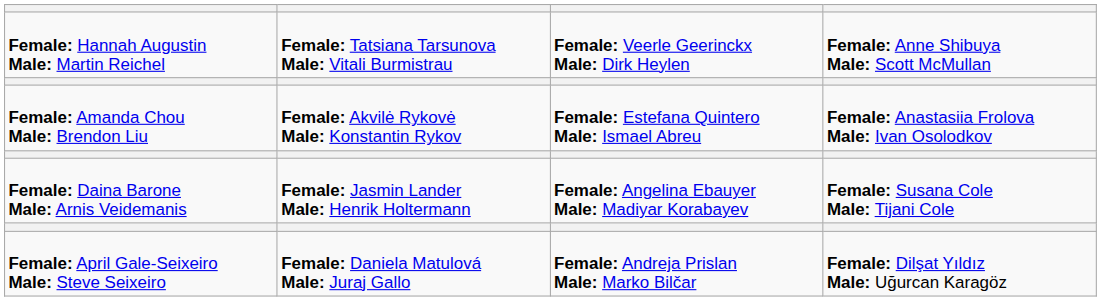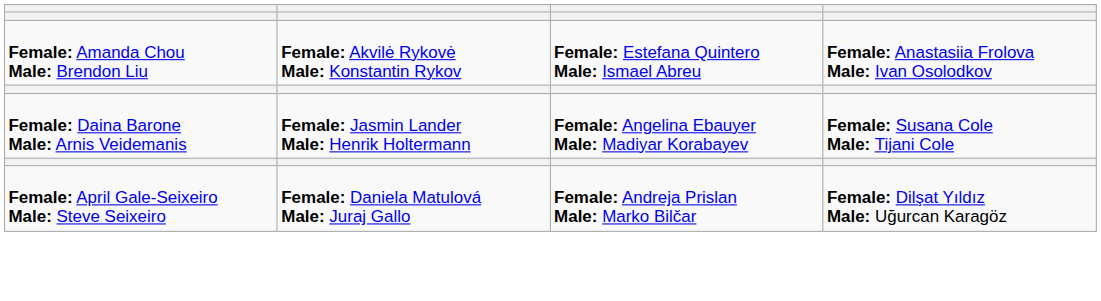 <table class=wikitable>
 <tr>
 <th width=250></th>
 <th width=250></th>
 <th width=250></th>
 <th width=250></th>
-</tr>
-<tr>
-<td><br><strong>Female:</strong> <a href='#'>Hannah Augustin</a><br> <strong>Male:</strong> <a href='#'>Martin Reichel</a></td>
-<td><br><strong>Female:</strong> <a href='#'>Tatsiana Tarsunova</a><br> <strong>Male:</strong> <a href='#'>Vitali Burmistrau</a></td>
-<td><br><strong>Female:</strong> <a href='#'>Veerle Geerinckx</a><br> <strong>Male:</strong> <a href='#'>Dirk Heylen</a></td>
-<td><br><strong>Female:</strong> <a href='#'>Anne Shibuya</a><br> <strong>Male:</strong> <a href='#'>Scott McMullan</a></td>
 </tr>
 <tr>
 <th width=250></th>
 <th width=250></th>
 <th width=250></th>
 <th width=250></th>
 </tr>
 <tr>
 <td><br><strong>Female:</strong> <a href='#'>Amanda Chou</a><br> <strong>Male:</strong> <a href='#'>Brendon Liu</a></td>
 <td><br><strong>Female:</strong> <a href='#'>Akvilė Rykovė</a><br> <strong>Male:</strong> <a href='#'>Konstantin Rykov</a></td>
 <td><br><strong>Female:</strong> <a href='#'>Estefana Quintero</a><br> <strong>Male:</strong> <a href='#'>Ismael Abreu</a></td>
 <td><br><strong>Female:</strong> <a href='#'>Anastasiia Frolova</a><br> <strong>Male:</strong> <a href='#'>Ivan Osolodkov</a></td>
 </tr>
 <tr>
 <th width=250></th>
 <th width=250></th>
 <th width=250></th>
 <th width=250></th>
 </tr>
 <tr>
 <td><br><strong>Female:</strong> <a href='#'>Daina Barone</a><br> <strong>Male:</strong> <a href='#'>Arnis Veidemanis</a></td>
 <td><br><strong>Female:</strong> <a href='#'>Jasmin Lander</a><br> <strong>Male:</strong> <a href='#'>Henrik Holtermann</a></td>
 <td><br><strong>Female:</strong> <a href='#'>Angelina Ebauyer</a><br> <strong>Male:</strong> <a href='#'>Madiyar Korabayev</a></td>
 <td><br><strong>Female:</strong> <a href='#'>Susana Cole</a><br> <strong>Male:</strong> <a href='#'>Tijani Cole</a></td>
 </tr>
 <tr>
 <th width=250></th>
 <th width=250></th>
 <th width=250></th>
 <th width=250></th>
 </tr>
 <tr>
 <td><br><strong>Female:</strong> <a href='#'>April Gale-Seixeiro</a><br> <strong>Male:</strong> <a href='#'>Steve Seixeiro</a></td>
 <td><br><strong>Female:</strong> <a href='#'>Daniela Matulová</a><br> <strong>Male:</strong> <a href='#'>Juraj Gallo</a></td>
 <td><br><strong>Female:</strong> <a href='#'>Andreja Prislan</a><br> <strong>Male:</strong> <a href='#'>Marko Bilčar</a></td>
 <td><br><strong>Female:</strong> <a href='#'>Dilşat Yıldız</a><br> <strong>Male:</strong> Uğurcan Karagöz</td>
 </tr>
 </table>
